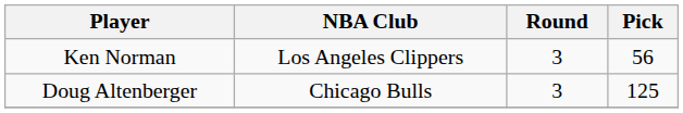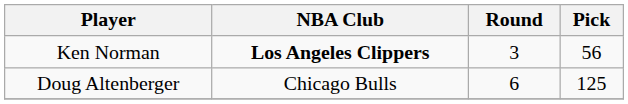 <table class="wikitable" width="500">
 <tr>
 <th>Player</th>
 <th>NBA Club</th>
 <th>Round</th>
 <th>Pick</th>
 </tr>
 <tr align="center" bgcolor="">
 <td>Ken Norman</td>
-<td>Los Angeles Clippers</td>
+<td><strong>Los Angeles Clippers</strong></td>
 <td>3</td>
 <td>56</td>
 </tr>
 <tr align="center" bgcolor="">
 <td>Doug Altenberger</td>
 <td>Chicago Bulls</td>
-<td>3</td>
+<td>6</td>
 <td>125</td>
 </tr>
 <tr align="center" bgcolor="">
 </tr>
 </table>
